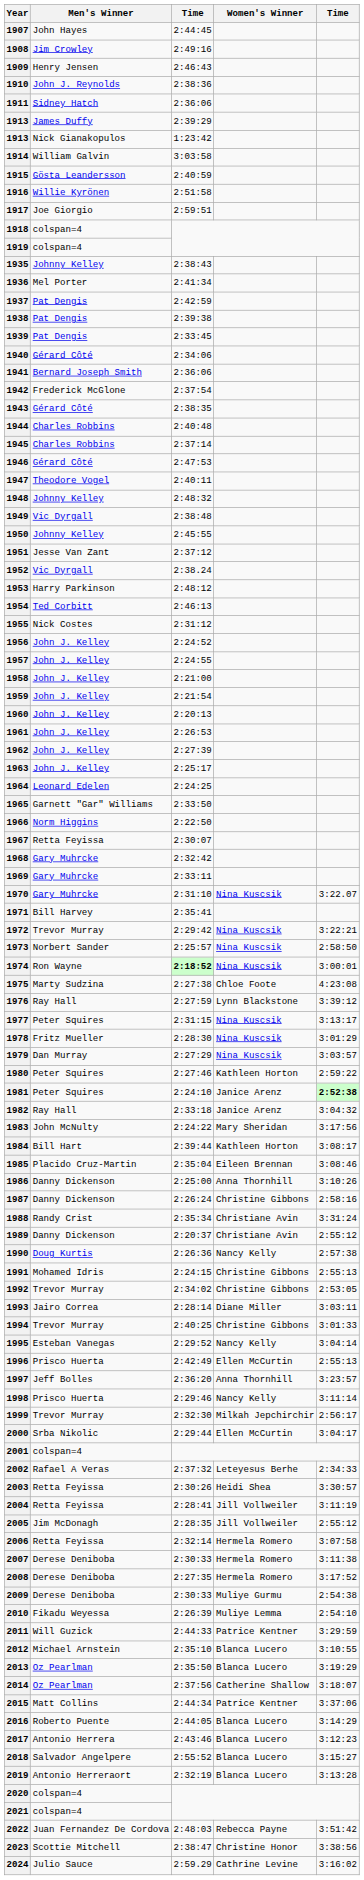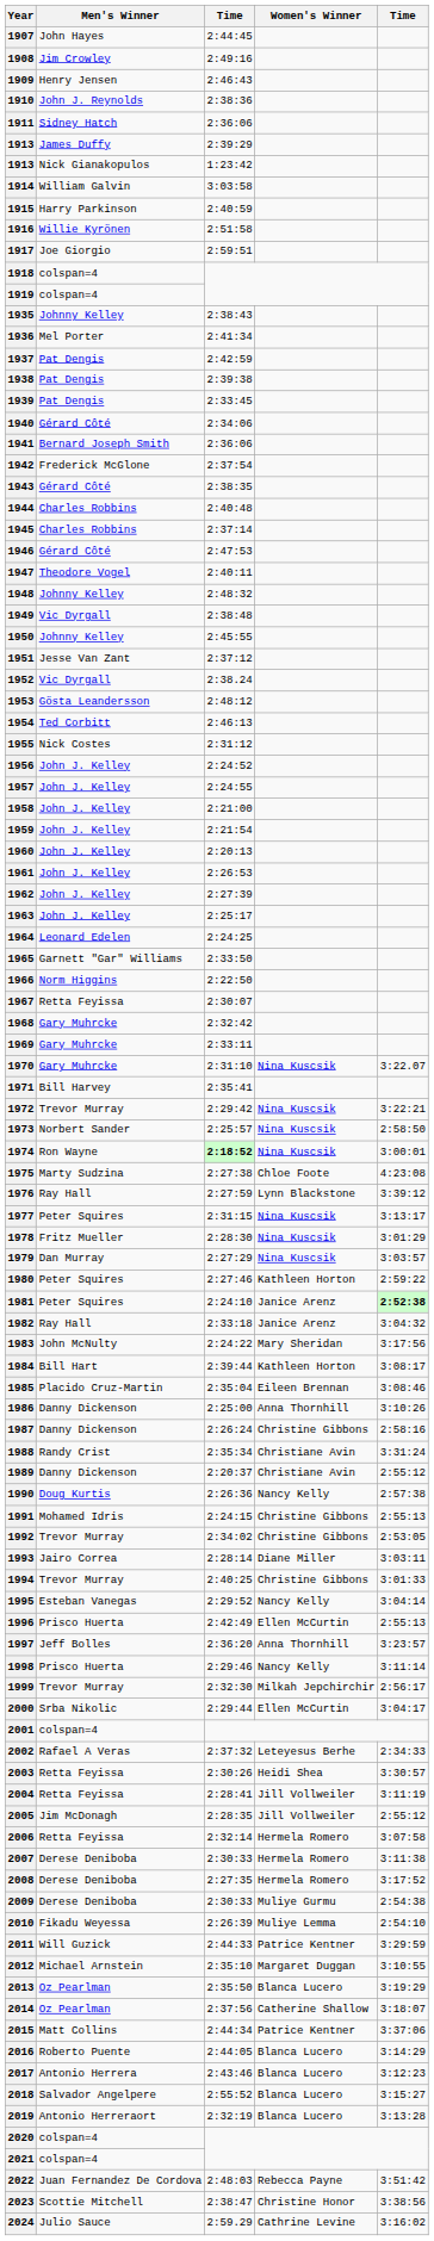 <table class="wikitable sortable" style="font-size:1.00em; line-height:1.5em;">
 <tr>
 <th scope="col">Year</th>
 <th scope="col">Men's Winner</th>
 <th scope="col" data-sort-type="time">Time</th>
 <th scope="col">Women's Winner</th>
 <th scope="col" data-sort-type="time">Time</th>
 </tr>
 <tr>
 <th scope="row">1907</th>
 <td>John Hayes</td>
 <td>2:44:45</td>
 <td></td>
 <td></td>
 </tr>
 <tr>
 <th scope="row">1908</th>
 <td><a href='#'> Jim Crowley</a></td>
 <td>2:49:16</td>
 <td></td>
 <td></td>
 </tr>
 <tr>
 <th scope="row">1909</th>
 <td>Henry Jensen</td>
 <td>2:46:43</td>
 <td></td>
 <td></td>
 </tr>
 <tr>
 <th scope="row">1910</th>
 <td><a href='#'>John J. Reynolds</a></td>
 <td>2:38:36</td>
 <td></td>
 <td></td>
 </tr>
 <tr>
 <th scope="row">1911</th>
 <td><a href='#'>Sidney Hatch</a></td>
 <td>2:36:06</td>
 <td></td>
 <td></td>
 </tr>
 <tr>
 <th scope="row">1913</th>
 <td><a href='#'>James Duffy</a></td>
 <td>2:39:29</td>
 <td></td>
 <td></td>
 </tr>
 <tr>
 <th scope="row">1913</th>
 <td>Nick Gianakopulos</td>
 <td>1:23:42</td>
 <td></td>
 <td></td>
 </tr>
 <tr>
 <th scope="row">1914</th>
 <td>William Galvin</td>
 <td>3:03:58</td>
 <td></td>
 <td></td>
 </tr>
 <tr>
 <th scope="row">1915</th>
-<td><a href='#'>Gösta Leandersson</a></td>
+<td>Harry Parkinson</td>
 <td>2:40:59</td>
 <td></td>
 <td></td>
 </tr>
 <tr>
 <th scope="row">1916</th>
 <td><a href='#'> Willie Kyrönen</a></td>
 <td>2:51:58</td>
 <td></td>
 <td></td>
 </tr>
 <tr>
 <th scope="row">1917</th>
 <td>Joe Giorgio</td>
 <td>2:59:51</td>
 <td></td>
 <td></td>
 </tr>
 <tr>
 <th scope="row">1918</th>
 <td>colspan=4  </td>
 </tr>
 <tr>
 <th scope="row">1919</th>
 <td>colspan=4 </td>
 </tr>
 <tr>
 <th scope="row">1935</th>
 <td><a href='#'>Johnny Kelley</a></td>
 <td>2:38:43</td>
 <td></td>
 <td></td>
 </tr>
 <tr>
 <th scope="row">1936</th>
 <td>Mel Porter</td>
 <td>2:41:34</td>
 <td></td>
 <td></td>
 </tr>
 <tr>
 <th scope="row">1937</th>
 <td><a href='#'>Pat Dengis</a></td>
 <td>2:42:59</td>
 <td></td>
 <td></td>
 </tr>
 <tr>
 <th scope="row">1938</th>
 <td><a href='#'>Pat Dengis</a></td>
 <td>2:39:38</td>
 <td></td>
 <td></td>
 </tr>
 <tr>
 <th scope="row">1939</th>
 <td><a href='#'>Pat Dengis</a></td>
 <td>2:33:45</td>
 <td></td>
 <td></td>
 </tr>
 <tr>
 <th scope="row">1940</th>
 <td><a href='#'>Gérard Côté</a></td>
 <td>2:34:06</td>
 <td></td>
 <td></td>
 </tr>
 <tr>
 <th scope="row">1941</th>
 <td><a href='#'>Bernard Joseph Smith</a> </td>
 <td>2:36:06</td>
 <td></td>
 <td></td>
 </tr>
 <tr>
 <th scope="row">1942</th>
 <td>Frederick McGlone </td>
 <td>2:37:54</td>
 <td></td>
 <td></td>
 </tr>
 <tr>
 <th scope="row">1943</th>
 <td><a href='#'>Gérard Côté</a></td>
 <td>2:38:35</td>
 <td></td>
 <td></td>
 </tr>
 <tr>
 <th scope="row">1944</th>
 <td><a href='#'>Charles Robbins</a> </td>
 <td>2:40:48</td>
 <td></td>
 <td></td>
 </tr>
 <tr>
 <th scope="row">1945</th>
 <td><a href='#'>Charles Robbins</a></td>
 <td>2:37:14</td>
 <td></td>
 <td></td>
 </tr>
 <tr>
 <th scope="row">1946</th>
 <td><a href='#'>Gérard Côté</a></td>
 <td>2:47:53</td>
 <td></td>
 <td></td>
 </tr>
 <tr>
 <th scope="row">1947</th>
 <td><a href='#'>Theodore Vogel</a></td>
 <td>2:40:11</td>
 <td></td>
 <td></td>
 </tr>
 <tr>
 <th scope="row">1948</th>
 <td><a href='#'>Johnny Kelley</a> </td>
 <td>2:48:32</td>
 <td></td>
 <td></td>
 </tr>
 <tr>
 <th scope="row">1949</th>
 <td><a href='#'>Vic Dyrgall</a> </td>
 <td>2:38:48</td>
 <td></td>
 <td></td>
 </tr>
 <tr>
 <th scope="row">1950</th>
 <td><a href='#'>Johnny Kelley</a></td>
 <td>2:45:55</td>
 <td></td>
 <td></td>
 </tr>
 <tr>
 <th scope="row">1951</th>
 <td>Jesse Van Zant </td>
 <td>2:37:12</td>
 <td></td>
 <td></td>
 </tr>
 <tr>
 <th scope="row">1952</th>
 <td><a href='#'>Vic Dyrgall</a></td>
 <td>2:38.24</td>
 <td></td>
 <td></td>
 </tr>
 <tr>
 <th scope="row">1953</th>
-<td>Harry Parkinson</td>
+<td><a href='#'>Gösta Leandersson</a></td>
 <td>2:48:12</td>
 <td></td>
 <td></td>
 </tr>
 <tr>
 <th scope="row">1954</th>
 <td><a href='#'>Ted Corbitt</a> </td>
 <td>2:46:13</td>
 <td></td>
 <td></td>
 </tr>
 <tr>
 <th scope="row">1955</th>
 <td>Nick Costes </td>
 <td>2:31:12</td>
 <td></td>
 <td></td>
 </tr>
 <tr>
 <th scope="row">1956</th>
 <td><a href='#'>John J. Kelley</a></td>
 <td>2:24:52</td>
 <td></td>
 <td></td>
 </tr>
 <tr>
 <th scope="row">1957</th>
 <td><a href='#'>John J. Kelley</a></td>
 <td>2:24:55</td>
 <td></td>
 <td></td>
 </tr>
 <tr>
 <th scope="row">1958</th>
 <td><a href='#'>John J. Kelley</a></td>
 <td>2:21:00</td>
 <td></td>
 <td></td>
 </tr>
 <tr>
 <th scope="row">1959</th>
 <td><a href='#'>John J. Kelley</a> </td>
 <td>2:21:54</td>
 <td></td>
 <td></td>
 </tr>
 <tr>
 <th scope="row">1960</th>
 <td><a href='#'>John J. Kelley</a></td>
 <td>2:20:13</td>
 <td></td>
 <td></td>
 </tr>
 <tr>
 <th scope="row">1961</th>
 <td><a href='#'>John J. Kelley</a>  </td>
 <td>2:26:53</td>
 <td></td>
 <td></td>
 </tr>
 <tr>
 <th scope="row">1962</th>
 <td><a href='#'>John J. Kelley</a> </td>
 <td>2:27:39</td>
 <td></td>
 <td></td>
 </tr>
 <tr>
 <th scope="row">1963</th>
 <td><a href='#'>John J. Kelley</a> </td>
 <td>2:25:17</td>
 <td></td>
 <td></td>
 </tr>
 <tr>
 <th scope="row">1964</th>
 <td><a href='#'>Leonard Edelen</a> </td>
 <td>2:24:25</td>
 <td></td>
 <td></td>
 </tr>
 <tr>
 <th scope="row">1965</th>
 <td>Garnett "Gar" Williams </td>
 <td>2:33:50</td>
 <td></td>
 <td></td>
 </tr>
 <tr>
 <th scope="row">1966</th>
 <td><a href='#'>Norm Higgins</a> </td>
 <td>2:22:50</td>
 <td></td>
 <td></td>
 </tr>
 <tr>
 <th scope="row">1967</th>
 <td>Retta Feyissa</td>
 <td>2:30:07</td>
 <td></td>
 <td></td>
 </tr>
 <tr>
 <th scope="row">1968</th>
 <td><a href='#'>Gary Muhrcke</a></td>
 <td>2:32:42</td>
 <td></td>
 <td></td>
 </tr>
 <tr>
 <th scope="row">1969</th>
 <td><a href='#'>Gary Muhrcke</a></td>
 <td>2:33:11</td>
 <td></td>
 <td></td>
 </tr>
 <tr>
 <th scope="row">1970</th>
 <td><a href='#'>Gary Muhrcke</a></td>
 <td>2:31:10</td>
 <td><a href='#'>Nina Kuscsik</a></td>
 <td>3:22.07</td>
 </tr>
 <tr>
 <th scope="row">1971</th>
 <td>Bill Harvey</td>
 <td>2:35:41</td>
 <td></td>
 <td></td>
 </tr>
 <tr>
 <th scope="row">1972</th>
 <td>Trevor Murray</td>
 <td>2:29:42</td>
 <td><a href='#'>Nina Kuscsik</a></td>
 <td>3:22:21</td>
 </tr>
 <tr>
 <th scope="row">1973</th>
 <td>Norbert Sander</td>
 <td>2:25:57</td>
 <td><a href='#'>Nina Kuscsik</a></td>
 <td>2:58:50</td>
 </tr>
 <tr>
 <th scope="row">1974</th>
 <td>Ron Wayne </td>
 <td style="background:#CCFFCC"><strong>2:18:52</strong></td>
 <td><a href='#'>Nina Kuscsik</a></td>
 <td>3:00:01</td>
 </tr>
 <tr>
 <th scope="row">1975</th>
 <td>Marty Sudzina</td>
 <td>2:27:38</td>
 <td>Chloe Foote</td>
 <td>4:23:08</td>
 </tr>
 <tr>
 <th scope="row">1976</th>
 <td>Ray Hall</td>
 <td>2:27:59</td>
 <td>Lynn Blackstone</td>
 <td>3:39:12</td>
 </tr>
 <tr>
 <th scope="row">1977</th>
 <td>Peter Squires</td>
 <td>2:31:15</td>
 <td><a href='#'>Nina Kuscsik</a></td>
 <td>3:13:17</td>
 </tr>
 <tr>
 <th scope="row">1978</th>
 <td>Fritz Mueller</td>
 <td>2:28:30</td>
 <td><a href='#'>Nina Kuscsik</a></td>
 <td>3:01:29</td>
 </tr>
 <tr>
 <th scope="row">1979</th>
 <td>Dan Murray</td>
 <td>2:27:29</td>
 <td><a href='#'>Nina Kuscsik</a></td>
 <td>3:03:57</td>
 </tr>
 <tr>
 <th scope="row">1980</th>
 <td>Peter Squires</td>
 <td>2:27:46</td>
 <td>Kathleen Horton</td>
 <td>2:59:22</td>
 </tr>
 <tr>
 <th scope="row">1981</th>
 <td>Peter Squires</td>
 <td>2:24:10</td>
 <td>Janice Arenz</td>
 <td style="background:#CCFFCC"><strong>2:52:38</strong></td>
 </tr>
 <tr>
 <th scope="row">1982</th>
 <td>Ray Hall</td>
 <td>2:33:18</td>
 <td>Janice Arenz</td>
 <td>3:04:32</td>
 </tr>
 <tr>
 <th scope="row">1983</th>
 <td>John McNulty</td>
 <td>2:24:22</td>
 <td>Mary Sheridan</td>
 <td>3:17:56</td>
 </tr>
 <tr>
 <th scope="row">1984</th>
 <td>Bill Hart</td>
 <td>2:39:44</td>
 <td>Kathleen Horton</td>
 <td>3:08:17</td>
 </tr>
 <tr>
 <th scope="row">1985</th>
 <td>Placido Cruz-Martin</td>
 <td>2:35:04</td>
 <td>Eileen Brennan</td>
 <td>3:08:46</td>
 </tr>
 <tr>
 <th scope="row">1986</th>
 <td>Danny Dickenson</td>
 <td>2:25:00</td>
 <td>Anna Thornhill</td>
 <td>3:10:26</td>
 </tr>
 <tr>
 <th scope="row">1987</th>
 <td>Danny Dickenson</td>
 <td>2:26:24</td>
 <td>Christine Gibbons</td>
 <td>2:58:16</td>
 </tr>
 <tr>
 <th scope="row">1988</th>
 <td>Randy Crist</td>
 <td>2:35:34</td>
 <td>Christiane Avin</td>
 <td>3:31:24</td>
 </tr>
 <tr>
 <th scope="row">1989</th>
 <td>Danny Dickenson</td>
 <td>2:20:37</td>
 <td>Christiane Avin</td>
 <td>2:55:12</td>
 </tr>
 <tr>
 <th scope="row">1990</th>
 <td><a href='#'>Doug Kurtis</a></td>
 <td>2:26:36</td>
 <td>Nancy Kelly</td>
 <td>2:57:38</td>
 </tr>
 <tr>
 <th scope="row">1991</th>
 <td>Mohamed Idris</td>
 <td>2:24:15</td>
 <td>Christine Gibbons</td>
 <td>2:55:13</td>
 </tr>
 <tr>
 <th scope="row">1992</th>
 <td>Trevor Murray</td>
 <td>2:34:02</td>
 <td>Christine Gibbons</td>
 <td>2:53:05</td>
 </tr>
 <tr>
 <th scope="row">1993</th>
 <td>Jairo Correa</td>
 <td>2:28:14</td>
 <td>Diane Miller</td>
 <td>3:03:11</td>
 </tr>
 <tr>
 <th scope="row">1994</th>
 <td>Trevor Murray</td>
 <td>2:40:25</td>
 <td>Christine Gibbons</td>
 <td>3:01:33</td>
 </tr>
 <tr>
 <th scope="row">1995</th>
 <td>Esteban Vanegas</td>
 <td>2:29:52</td>
 <td>Nancy Kelly</td>
 <td>3:04:14</td>
 </tr>
 <tr>
 <th scope="row">1996</th>
 <td>Prisco Huerta</td>
 <td>2:42:49</td>
 <td>Ellen McCurtin</td>
 <td>2:55:13</td>
 </tr>
 <tr>
 <th scope="row">1997</th>
 <td>Jeff Bolles</td>
 <td>2:36:20</td>
 <td>Anna Thornhill</td>
 <td>3:23:57</td>
 </tr>
 <tr>
 <th scope="row">1998</th>
 <td>Prisco Huerta</td>
 <td>2:29:46</td>
 <td>Nancy Kelly</td>
 <td>3:11:14</td>
 </tr>
 <tr>
 <th scope="row">1999</th>
 <td>Trevor Murray</td>
 <td>2:32:30</td>
 <td>Milkah Jepchirchir</td>
 <td>2:56:17</td>
 </tr>
 <tr>
 <th scope="row">2000</th>
 <td>Srba Nikolic</td>
 <td>2:29:44</td>
 <td>Ellen McCurtin</td>
 <td>3:04:17</td>
 </tr>
 <tr>
 <th scope="row">2001</th>
 <td>colspan=4  </td>
 </tr>
 <tr>
 <th scope="row">2002</th>
 <td>Rafael A Veras</td>
 <td>2:37:32</td>
 <td>Leteyesus Berhe</td>
 <td>2:34:33</td>
 </tr>
 <tr>
 <th scope="row">2003</th>
 <td>Retta Feyissa</td>
 <td>2:30:26</td>
 <td>Heidi Shea</td>
 <td>3:30:57</td>
 </tr>
 <tr>
 <th scope="row">2004</th>
 <td>Retta Feyissa</td>
 <td>2:28:41</td>
 <td>Jill Vollweiler</td>
 <td>3:11:19</td>
 </tr>
 <tr>
 <th scope="row">2005</th>
 <td>Jim McDonagh</td>
 <td>2:28:35</td>
 <td>Jill Vollweiler</td>
 <td>2:55:12</td>
 </tr>
 <tr>
 <th scope="row">2006</th>
 <td>Retta Feyissa</td>
 <td>2:32:14</td>
 <td>Hermela Romero</td>
 <td>3:07:58</td>
 </tr>
 <tr>
 <th scope="row">2007</th>
 <td>Derese Deniboba</td>
 <td>2:30:33</td>
 <td>Hermela Romero</td>
 <td>3:11:38</td>
 </tr>
 <tr>
 <th scope="row">2008</th>
 <td>Derese Deniboba</td>
 <td>2:27:35</td>
 <td>Hermela Romero</td>
 <td>3:17:52</td>
 </tr>
 <tr>
 <th scope="row">2009</th>
 <td>Derese Deniboba</td>
 <td>2:30:33</td>
 <td>Muliye Gurmu</td>
 <td>2:54:38</td>
 </tr>
 <tr>
 <th scope="row">2010</th>
 <td>Fikadu Weyessa</td>
 <td>2:26:39</td>
 <td>Muliye Lemma</td>
 <td>2:54:10</td>
 </tr>
 <tr>
 <th scope="row">2011</th>
 <td>Will Guzick</td>
 <td>2:44:33</td>
 <td>Patrice Kentner</td>
 <td>3:29:59</td>
 </tr>
 <tr>
 <th scope="row">2012</th>
 <td>Michael Arnstein</td>
 <td>2:35:10</td>
-<td>Blanca Lucero</td>
+<td>Margaret Duggan</td>
 <td>3:10:55</td>
 </tr>
 <tr>
 <th scope="row">2013</th>
 <td><a href='#'>Oz Pearlman</a></td>
 <td>2:35:50</td>
 <td>Blanca Lucero</td>
 <td>3:19:29</td>
 </tr>
 <tr>
 <th scope="row">2014</th>
 <td><a href='#'>Oz Pearlman</a></td>
 <td>2:37:56</td>
 <td>Catherine Shallow</td>
 <td>3:18:07</td>
 </tr>
 <tr>
 <th scope="row">2015</th>
 <td>Matt Collins</td>
 <td>2:44:34</td>
 <td>Patrice Kentner</td>
 <td>3:37:06</td>
 </tr>
 <tr>
 <th scope="row">2016</th>
 <td>Roberto Puente</td>
 <td>2:44:05</td>
 <td>Blanca Lucero</td>
 <td>3:14:29</td>
 </tr>
 <tr>
 <th scope="row">2017</th>
 <td>Antonio Herrera</td>
 <td>2:43:46</td>
 <td>Blanca Lucero</td>
 <td>3:12:23</td>
 </tr>
 <tr>
 <th scope="row">2018</th>
 <td>Salvador Angelpere</td>
 <td>2:55:52</td>
 <td>Blanca Lucero</td>
 <td>3:15:27</td>
 </tr>
 <tr>
 <th scope="row">2019</th>
 <td>Antonio Herreraort</td>
 <td>2:32:19</td>
 <td>Blanca Lucero</td>
 <td>3:13:28</td>
 </tr>
 <tr>
 <th scope="row">2020</th>
 <td>colspan=4 </td>
 </tr>
 <tr>
 <th scope="row">2021</th>
 <td>colspan=4 </td>
 </tr>
 <tr>
 <th scope="row">2022</th>
 <td>Juan Fernandez De Cordova</td>
 <td>2:48:03</td>
 <td>Rebecca Payne</td>
 <td>3:51:42</td>
 </tr>
 <tr>
 <th scope="row">2023</th>
 <td>Scottie Mitchell</td>
 <td>2:38:47</td>
 <td>Christine Honor</td>
 <td>3:38:56</td>
 </tr>
 <tr>
 <th scope="row">2024</th>
 <td>Julio Sauce</td>
 <td>2:59.29</td>
 <td>Cathrine Levine</td>
 <td>3:16:02</td>
 </tr>
 </table>
